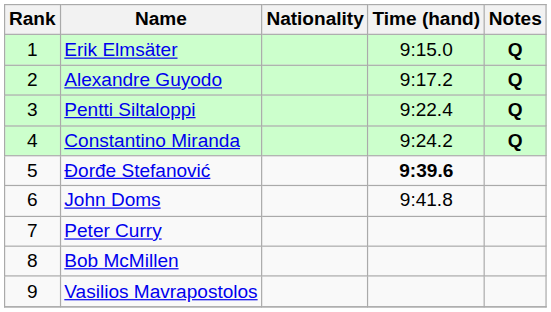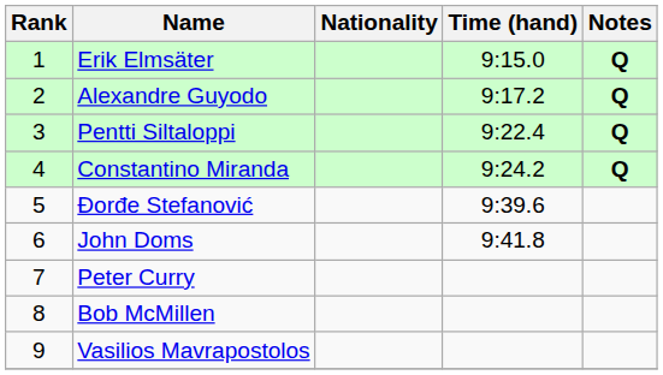 <table class="wikitable sortable" style="text-align:center">
 <tr>
 <th>Rank</th>
 <th>Name</th>
 <th>Nationality</th>
 <th>Time (hand)</th>
 <th>Notes</th>
 </tr>
 <tr bgcolor=#cfc>
 <td>1</td>
 <td align=left><a href='#'>Erik Elmsäter</a></td>
 <td align=left></td>
 <td>9:15.0</td>
 <td><strong>Q</strong></td>
 </tr>
 <tr bgcolor=#cfc>
 <td>2</td>
 <td align=left><a href='#'>Alexandre Guyodo</a></td>
 <td align=left></td>
 <td>9:17.2</td>
 <td><strong>Q</strong></td>
 </tr>
 <tr bgcolor=#cfc>
 <td>3</td>
 <td align=left><a href='#'>Pentti Siltaloppi</a></td>
 <td align=left></td>
 <td>9:22.4</td>
 <td><strong>Q</strong></td>
 </tr>
 <tr bgcolor=#cfc>
 <td>4</td>
 <td align=left><a href='#'>Constantino Miranda</a></td>
 <td align=left></td>
 <td>9:24.2</td>
 <td><strong>Q</strong></td>
 </tr>
 <tr>
 <td>5</td>
 <td align=left><a href='#'>Đorđe Stefanović</a></td>
 <td align=left></td>
-<td><strong>9:39.6</strong></td>
+<td>9:39.6</td>
 <td></td>
 </tr>
 <tr>
 <td>6</td>
 <td align=left><a href='#'>John Doms</a></td>
 <td align=left></td>
 <td>9:41.8</td>
 <td></td>
 </tr>
 <tr>
 <td>7</td>
 <td align=left><a href='#'>Peter Curry</a></td>
 <td align=left></td>
 <td></td>
 <td></td>
 </tr>
 <tr>
 <td>8</td>
 <td align=left><a href='#'>Bob McMillen</a></td>
 <td align=left></td>
 <td></td>
 <td></td>
 </tr>
 <tr>
 <td>9</td>
 <td align=left><a href='#'>Vasilios Mavrapostolos</a></td>
 <td align=left></td>
 <td></td>
 <td></td>
 </tr>
 <tr>
 </tr>
 </table>
